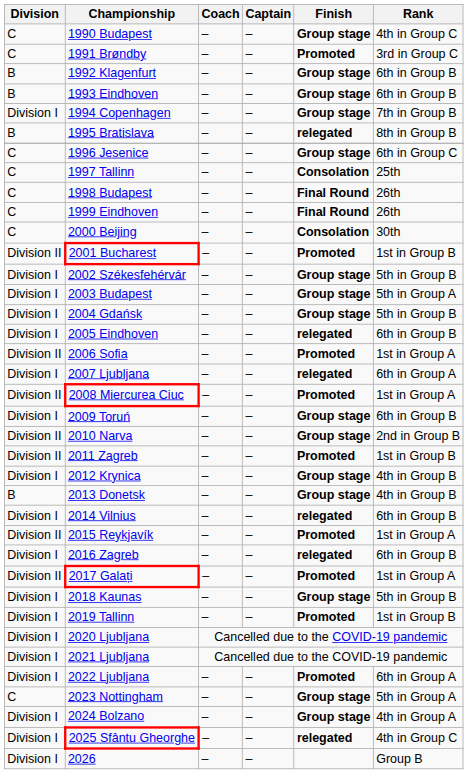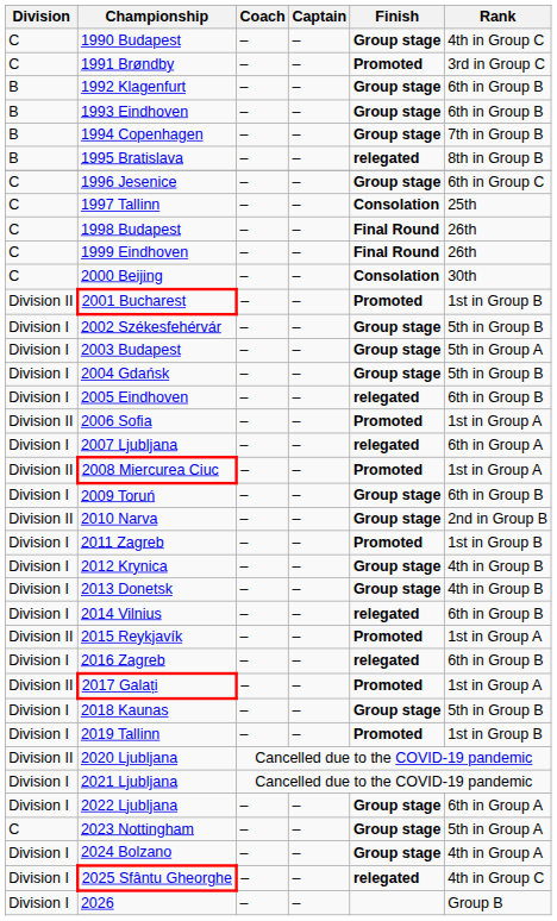 <table class="wikitable sortable">
 <tr>
 <th>Division</th>
 <th>Championship</th>
 <th>Coach</th>
 <th>Captain</th>
 <th>Finish</th>
 <th>Rank</th>
 </tr>
 <tr>
 <td>C</td>
 <td> <a href='#'>1990 Budapest</a></td>
 <td>–</td>
 <td>–</td>
 <td><strong>Group stage</strong> </td>
 <td>4th in Group C</td>
 </tr>
 <tr>
 <td>C</td>
 <td> <a href='#'>1991 Brøndby</a></td>
 <td>–</td>
 <td>–</td>
 <td><strong>Promoted</strong> </td>
 <td>3rd in Group C</td>
 </tr>
 <tr>
 <td>B</td>
 <td> <a href='#'>1992 Klagenfurt</a></td>
 <td>–</td>
 <td>–</td>
 <td><strong>Group stage</strong> </td>
 <td>6th in Group B</td>
 </tr>
 <tr>
 <td>B</td>
 <td> <a href='#'>1993 Eindhoven</a></td>
 <td>–</td>
 <td>–</td>
 <td><strong>Group stage</strong> </td>
 <td>6th in Group B</td>
 </tr>
 <tr>
-<td>Division I</td>
+<td>B</td>
 <td> <a href='#'>1994 Copenhagen</a></td>
 <td>–</td>
 <td>–</td>
 <td><strong>Group stage</strong> </td>
 <td>7th in Group B</td>
 </tr>
 <tr>
 <td>B</td>
 <td> <a href='#'>1995 Bratislava</a></td>
 <td>–</td>
 <td>–</td>
 <td><strong>relegated</strong> </td>
 <td>8th in Group B</td>
 </tr>
 <tr>
 </tr>
 <tr>
 <td>C</td>
 <td> <a href='#'>1996 Jesenice</a></td>
 <td>–</td>
 <td>–</td>
 <td><strong>Group stage</strong> </td>
 <td>6th in Group C</td>
 </tr>
 <tr>
 <td>C</td>
 <td> <a href='#'>1997 Tallinn</a></td>
 <td>–</td>
 <td>–</td>
 <td><strong>Consolation</strong> </td>
 <td>25th</td>
 </tr>
 <tr>
 <td>C</td>
 <td> <a href='#'>1998 Budapest</a></td>
 <td>–</td>
 <td>–</td>
 <td><strong>Final Round</strong> </td>
 <td>26th</td>
 </tr>
 <tr>
 <td>C</td>
 <td> <a href='#'>1999 Eindhoven</a></td>
 <td>–</td>
 <td>–</td>
 <td><strong>Final Round</strong> </td>
 <td>26th</td>
 </tr>
 <tr>
 <td>C</td>
 <td> <a href='#'>2000 Beijing</a></td>
 <td>–</td>
 <td>–</td>
 <td><strong>Consolation</strong> </td>
 <td>30th</td>
 </tr>
 <tr>
 <td>Division II</td>
 <td style="border: 3px solid red"> <a href='#'>2001 Bucharest</a></td>
 <td>–</td>
 <td>–</td>
 <td><strong>Promoted</strong> </td>
 <td>1st in Group B</td>
 </tr>
 <tr>
 <td>Division I</td>
 <td> <a href='#'>2002 Székesfehérvár</a></td>
 <td>–</td>
 <td>–</td>
 <td><strong>Group stage</strong> </td>
 <td>5th in Group B</td>
 </tr>
 <tr>
 <td>Division I</td>
 <td> <a href='#'>2003 Budapest</a></td>
 <td>–</td>
 <td>–</td>
 <td><strong>Group stage</strong> </td>
 <td>5th in Group A</td>
 </tr>
 <tr>
 <td>Division I</td>
 <td> <a href='#'>2004 Gdańsk</a></td>
 <td>–</td>
 <td>–</td>
 <td><strong>Group stage</strong> </td>
 <td>5th in Group B</td>
 </tr>
 <tr>
 <td>Division I</td>
 <td> <a href='#'>2005 Eindhoven</a></td>
 <td>–</td>
 <td>–</td>
 <td><strong>relegated</strong> </td>
 <td>6th in Group B</td>
 </tr>
 <tr>
 <td>Division II</td>
 <td> <a href='#'>2006 Sofia</a></td>
 <td>–</td>
 <td>–</td>
 <td><strong>Promoted</strong> </td>
 <td>1st in Group A</td>
 </tr>
 <tr>
 <td>Division I</td>
 <td> <a href='#'>2007 Ljubljana</a></td>
 <td>–</td>
 <td>–</td>
 <td><strong>relegated</strong> </td>
 <td>6th in Group A</td>
 </tr>
 <tr>
 <td>Division II</td>
 <td style="border: 3px solid red"> <a href='#'>2008 Miercurea Ciuc</a></td>
 <td>–</td>
 <td>–</td>
 <td><strong>Promoted</strong> </td>
 <td>1st in Group A</td>
 </tr>
 <tr>
 <td>Division I</td>
 <td> <a href='#'>2009 Toruń</a></td>
 <td>–</td>
 <td>–</td>
 <td><strong>Group stage</strong> </td>
 <td>6th in Group B</td>
 </tr>
 <tr>
 <td>Division II</td>
 <td> <a href='#'>2010 Narva</a></td>
 <td>–</td>
 <td>–</td>
 <td><strong>Group stage</strong> </td>
 <td>2nd in Group B</td>
 </tr>
 <tr>
-<td>Division II</td>
+<td>Division I</td>
 <td> <a href='#'>2011 Zagreb</a></td>
 <td>–</td>
 <td>–</td>
 <td><strong>Promoted</strong> </td>
 <td>1st in Group B</td>
 </tr>
 <tr>
 <td>Division I</td>
 <td> <a href='#'>2012 Krynica</a></td>
 <td>–</td>
 <td>–</td>
 <td><strong>Group stage</strong> </td>
 <td>4th in Group B</td>
 </tr>
 <tr>
-<td>B</td>
+<td>Division I</td>
 <td> <a href='#'>2013 Donetsk</a></td>
 <td>–</td>
 <td>–</td>
 <td><strong>Group stage</strong> </td>
 <td>4th in Group B</td>
 </tr>
 <tr>
 <td>Division I</td>
 <td> <a href='#'>2014 Vilnius</a></td>
 <td>–</td>
 <td>–</td>
 <td><strong>relegated</strong> </td>
 <td>6th in Group B</td>
 </tr>
 <tr>
 <td>Division II</td>
 <td> <a href='#'>2015 Reykjavík</a></td>
 <td>–</td>
 <td>–</td>
 <td><strong>Promoted</strong> </td>
 <td>1st in Group A</td>
 </tr>
 <tr>
 <td>Division I</td>
 <td> <a href='#'>2016 Zagreb</a></td>
 <td>–</td>
 <td>–</td>
 <td><strong>relegated</strong> </td>
 <td>6th in Group B</td>
 </tr>
 <tr>
 <td>Division II</td>
 <td style="border: 3px solid red"> <a href='#'>2017 Galați</a></td>
 <td>–</td>
 <td>–</td>
 <td><strong>Promoted</strong> </td>
 <td>1st in Group A</td>
 </tr>
 <tr>
 <td>Division I</td>
 <td> <a href='#'>2018 Kaunas</a></td>
 <td>–</td>
 <td>–</td>
 <td><strong>Group stage</strong> </td>
 <td>5th in Group B</td>
 </tr>
 <tr>
 <td>Division I</td>
 <td> <a href='#'>2019 Tallinn</a></td>
 <td>–</td>
 <td>–</td>
 <td><strong>Promoted</strong> </td>
 <td>1st in Group B</td>
 </tr>
 <tr>
-<td>Division I</td>
+<td>Division II</td>
 <td> <a href='#'>2020 Ljubljana</a></td>
 <td colspan=4 align=center>Cancelled due to the <a href='#'>COVID-19 pandemic</a></td>
 </tr>
 <tr>
 <td>Division I</td>
 <td> <a href='#'>2021 Ljubljana</a></td>
 <td colspan=4 align=center>Cancelled due to the COVID-19 pandemic</td>
 </tr>
 <tr>
 <td>Division I</td>
 <td> <a href='#'>2022 Ljubljana</a></td>
 <td>–</td>
 <td>–</td>
-<td><strong>Promoted</strong> </td>
+<td><strong>Group stage</strong> </td>
 <td>6th in Group A</td>
 </tr>
 <tr>
 <td>C</td>
 <td> <a href='#'>2023 Nottingham</a></td>
 <td>–</td>
 <td>–</td>
 <td><strong>Group stage</strong> </td>
 <td>5th in Group A</td>
 </tr>
 <tr>
 <td>Division I</td>
 <td> <a href='#'>2024 Bolzano</a></td>
 <td>–</td>
 <td>–</td>
 <td><strong>Group stage</strong> </td>
 <td>4th in Group A</td>
 </tr>
 <tr>
 <td>Division I</td>
 <td style="border: 3px solid red"> <a href='#'>2025 Sfântu Gheorghe</a></td>
 <td>–</td>
 <td>–</td>
 <td><strong>relegated</strong> </td>
 <td>4th in Group C</td>
 </tr>
 <tr>
 <td>Division I</td>
 <td> <a href='#'>2026</a></td>
 <td>–</td>
 <td>–</td>
 <td></td>
 <td>Group B</td>
 </tr>
 </table>
